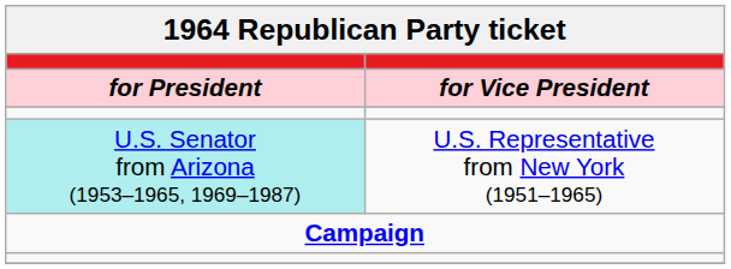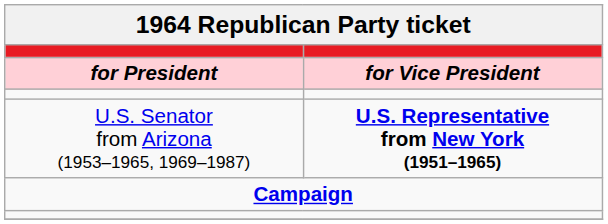 <table class="wikitable" style="font-size:90%; text-align:center;">
 <tr>
 <td style="background:#f1f1f1;" colspan="30"><big> <strong>1964 Republican Party ticket</strong></big></td>
 </tr>
 <tr>
 <th style="width:3em; font-size:135%; background:#E81B23; width:200px;"><a href='#'></a></th>
 <th style="width:3em; font-size:135%; background:#E81B23; width:200px;"><a href='#'></a></th>
 </tr>
 <tr style="color:#000; font-size:100%; background:#ffd0d7;">
 <td style="width:3em; width:200px;"><strong><em>for President</em></strong></td>
 <td style="width:3em; width:200px;"><strong><em>for Vice President</em></strong></td>
 </tr>
 <tr>
 <td></td>
 <td></td>
 </tr>
 <tr>
-<td style="background: paleturquoise;"><a href='#'>U.S. Senator</a><br>from <a href='#'>Arizona</a><br><small>(1953–1965, 1969–1987)</small></td>
-<td><a href='#'>U.S. Representative</a><br>from <a href='#'>New York</a><br><small>(1951–1965)</small></td>
+<td><a href='#'>U.S. Senator</a><br>from <a href='#'>Arizona</a><br><small>(1953–1965, 1969–1987)</small></td>
+<td><strong><a href='#'>U.S. Representative</a><br>from <a href='#'>New York</a><br><small>(1951–1965)</small></strong></td>
 </tr>
 <tr>
 <td colspan=2><a href='#'><strong>Campaign</strong></a></td>
 </tr>
 <tr>
 <td colspan=2></td>
 </tr>
 <tr>
 </tr>
 </table>
